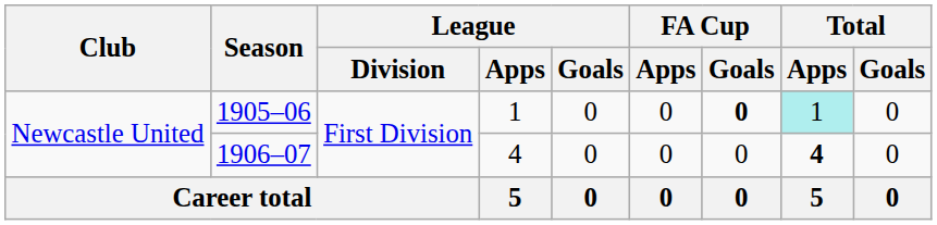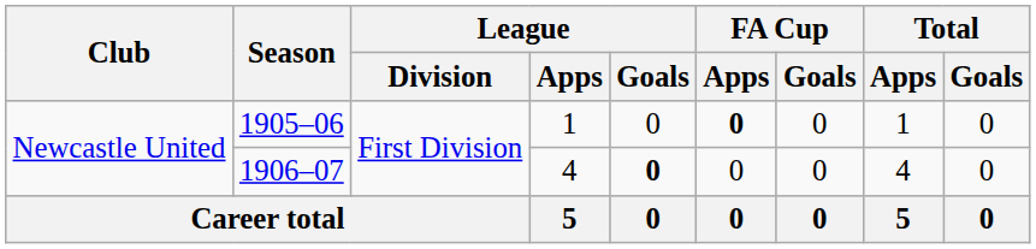 <table class="wikitable" style="text-align: center;">
 <tr>
 <th rowspan="2">Club</th>
 <th rowspan="2">Season</th>
 <th colspan="3">League</th>
 <th colspan="2">FA Cup</th>
 <th colspan="2">Total</th>
 </tr>
 <tr>
 <th>Division</th>
 <th>Apps</th>
 <th>Goals</th>
 <th>Apps</th>
 <th>Goals</th>
 <th>Apps</th>
 <th>Goals</th>
 </tr>
 <tr>
 <td rowspan="2"><a href='#'>Newcastle United</a></td>
 <td><a href='#'>1905–06</a></td>
 <td rowspan="2"><a href='#'>First Division</a></td>
 <td>1</td>
 <td>0</td>
+<td><strong>0</strong></td>
 <td>0</td>
-<td><strong>0</strong></td>
-<td style="background: paleturquoise;">1</td>
+<td>1</td>
 <td>0</td>
 </tr>
 <tr>
 <td><a href='#'>1906–07</a></td>
 <td>4</td>
+<td><strong>0</strong></td>
 <td>0</td>
 <td>0</td>
-<td>0</td>
-<td><strong>4</strong></td>
+<td>4</td>
 <td>0</td>
 </tr>
 <tr>
 <th colspan="3">Career total</th>
 <th>5</th>
 <th>0</th>
 <th>0</th>
 <th>0</th>
 <th>5</th>
 <th>0</th>
 </tr>
 </table>
